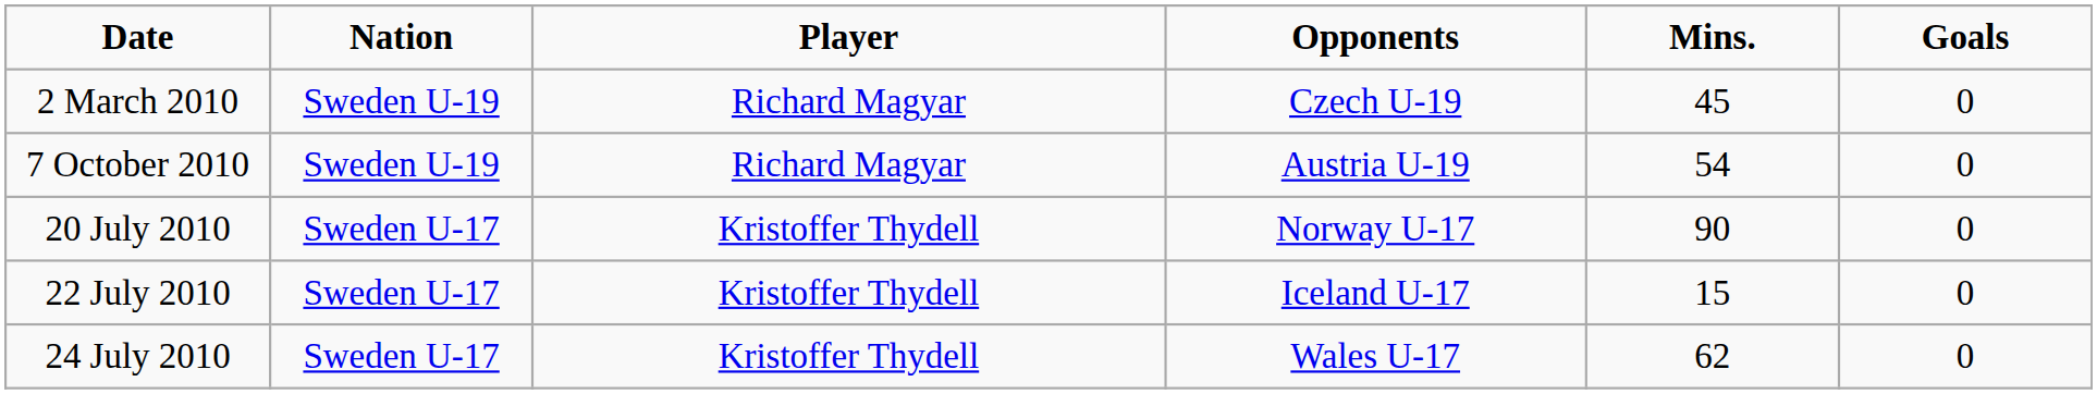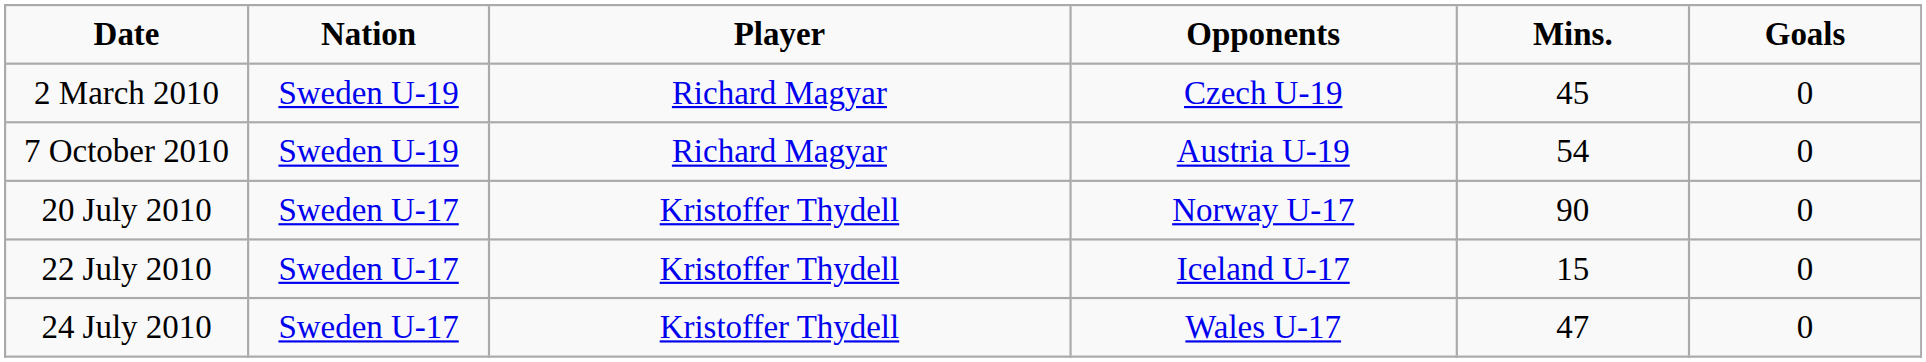 <table class= width=90% border="2" cellpadding="4" cellspacing="0" style="text-align=center: 1em 1em 1em 0; background: #f9f9f9; border: 1px #aaa solid; border-collapse: collapse; font-size: 95%;">
 <tr>
 <th width=6%>Date</th>
 <th width=6%>Nation</th>
 <th width=15%>Player</th>
 <th width=10%>Opponents</th>
 <th width=6%>Mins.</th>
 <th width=6%>Goals</th>
 </tr>
 <tr>
 <td align=center>2 March 2010</td>
 <td align=center> <a href='#'>Sweden U-19</a></td>
 <td align=center><a href='#'>Richard Magyar</a></td>
 <td align=center> <a href='#'>Czech U-19</a></td>
 <td align=center>45</td>
 <td align=center>0</td>
 </tr>
 <tr>
 <td align=center>7 October 2010</td>
 <td align=center> <a href='#'>Sweden U-19</a></td>
 <td align=center><a href='#'>Richard Magyar</a></td>
 <td align=center> <a href='#'>Austria U-19</a></td>
 <td align=center>54</td>
 <td align=center>0</td>
 </tr>
 <tr>
 <td align=center>20 July 2010</td>
 <td align=center> <a href='#'>Sweden U-17</a></td>
 <td align=center><a href='#'>Kristoffer Thydell</a></td>
 <td align=center> <a href='#'>Norway U-17</a></td>
 <td align=center>90</td>
 <td align=center>0</td>
 </tr>
 <tr>
 <td align=center>22 July 2010</td>
 <td align=center> <a href='#'>Sweden U-17</a></td>
 <td align=center><a href='#'>Kristoffer Thydell</a></td>
 <td align=center> <a href='#'>Iceland U-17</a></td>
 <td align=center>15</td>
 <td align=center>0</td>
 </tr>
 <tr>
 <td align=center>24 July 2010</td>
 <td align=center> <a href='#'>Sweden U-17</a></td>
 <td align=center><a href='#'>Kristoffer Thydell</a></td>
 <td align=center> <a href='#'>Wales U-17</a></td>
-<td align=center>62</td>
+<td align=center>47</td>
 <td align=center>0</td>
 </tr>
 </table>
